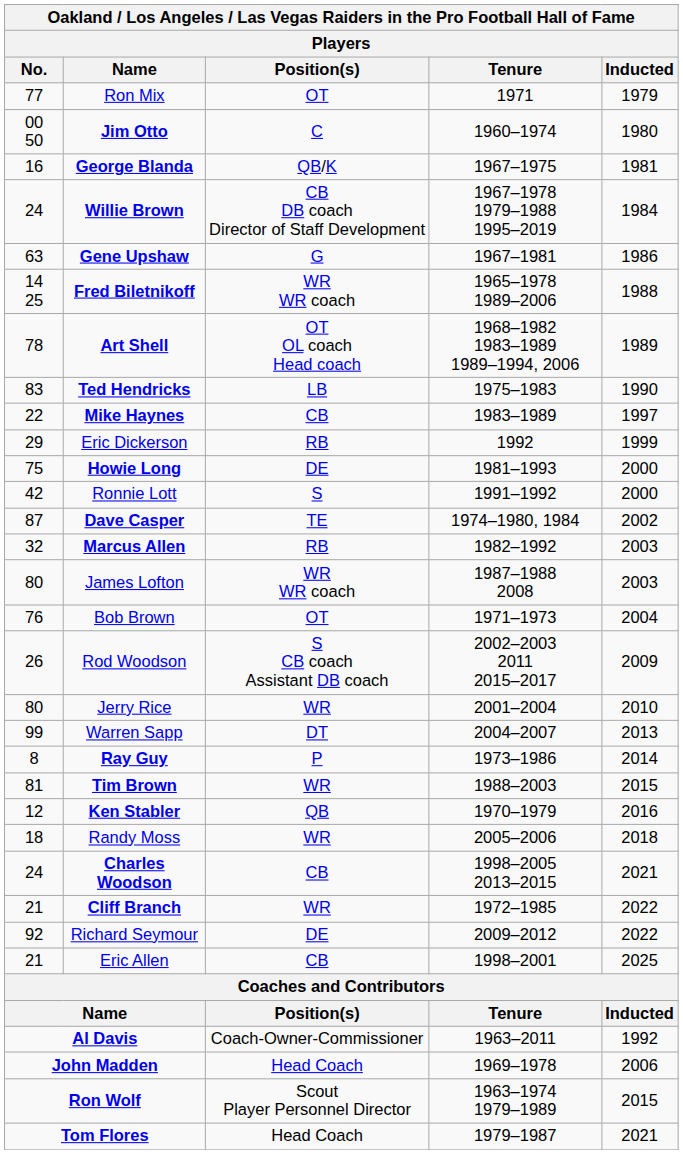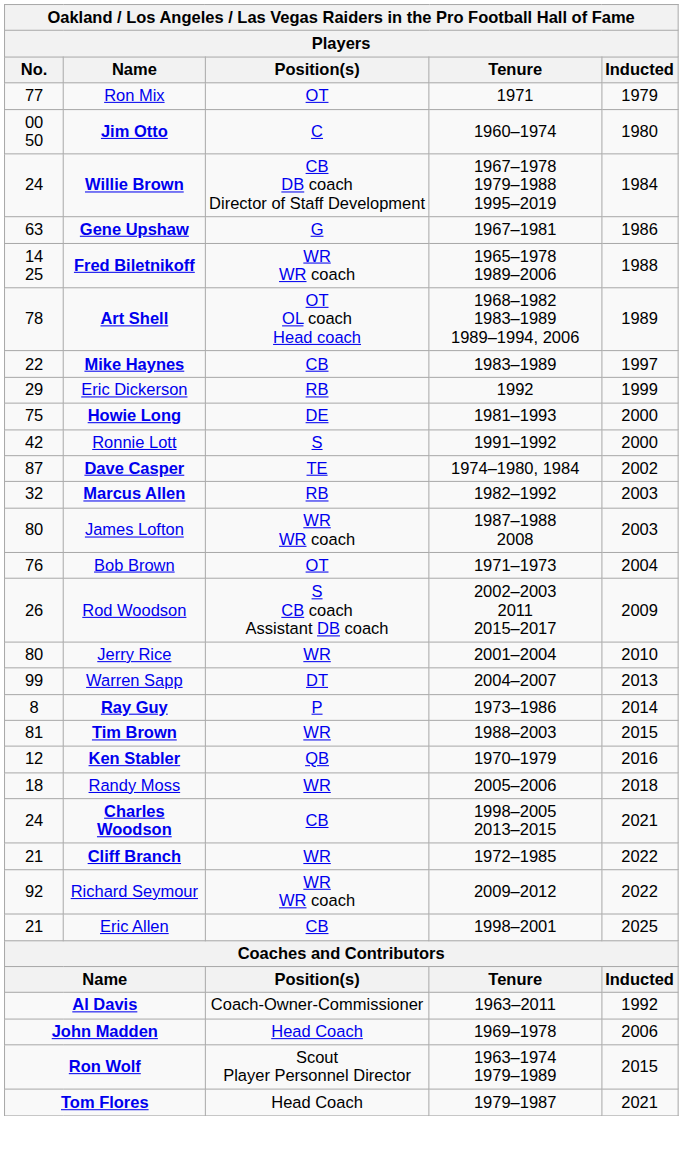 <table class="wikitable sortable" style="text-align:center">
 <tr>
 <th colspan="5">Oakland / Los Angeles / Las Vegas Raiders in the Pro Football Hall of Fame</th>
 </tr>
 <tr>
 <th colspan="5">Players</th>
 </tr>
 <tr>
 <th style="width:50px;">No.</th>
 <th style="width:130px;">Name</th>
 <th style="width:210px;">Position(s)</th>
 <th style="width:160px;">Tenure</th>
 <th style="width:50px;">Inducted</th>
 </tr>
 <tr>
 <td>77</td>
 <td><a href='#'>Ron Mix</a></td>
 <td><a href='#'>OT</a></td>
 <td>1971</td>
 <td>1979</td>
 </tr>
 <tr>
 <td>00<br>50</td>
 <td><strong><a href='#'>Jim Otto</a></strong></td>
 <td><a href='#'>C</a></td>
 <td>1960–1974</td>
 <td>1980</td>
 </tr>
 <tr>
-<td>16</td>
-<td><strong><a href='#'>George Blanda</a></strong></td>
-<td><a href='#'>QB</a>/<a href='#'>K</a></td>
-<td>1967–1975</td>
-<td>1981</td>
-</tr>
-<tr>
 <td>24</td>
 <td><strong><a href='#'>Willie Brown</a></strong></td>
 <td><a href='#'>CB</a><br><a href='#'>DB</a> coach<br>Director of Staff Development</td>
 <td>1967–1978<br>1979–1988<br>1995–2019</td>
 <td>1984</td>
 </tr>
 <tr>
 <td>63</td>
 <td><strong><a href='#'>Gene Upshaw</a></strong></td>
 <td><a href='#'>G</a></td>
 <td>1967–1981</td>
 <td>1986</td>
 </tr>
 <tr>
 <td>14<br>25</td>
 <td><strong><a href='#'>Fred Biletnikoff</a></strong></td>
 <td><a href='#'>WR</a><br><a href='#'>WR</a> coach</td>
 <td>1965–1978<br>1989–2006</td>
 <td>1988</td>
 </tr>
 <tr>
 <td>78</td>
 <td><strong><a href='#'>Art Shell</a></strong></td>
 <td><a href='#'>OT</a> <br> <a href='#'>OL</a> coach<br><a href='#'>Head coach</a></td>
 <td>1968–1982<br>1983–1989<br>1989–1994, 2006</td>
 <td>1989</td>
-</tr>
-<tr>
-<td>83</td>
-<td><strong><a href='#'>Ted Hendricks</a></strong></td>
-<td><a href='#'>LB</a></td>
-<td>1975–1983</td>
-<td>1990</td>
 </tr>
 <tr>
 <td>22</td>
 <td><strong><a href='#'>Mike Haynes</a></strong></td>
 <td><a href='#'>CB</a></td>
 <td>1983–1989</td>
 <td>1997</td>
 </tr>
 <tr>
 <td>29</td>
 <td><a href='#'>Eric Dickerson</a></td>
 <td><a href='#'>RB</a></td>
 <td>1992</td>
 <td>1999</td>
 </tr>
 <tr>
 <td>75</td>
 <td><strong><a href='#'>Howie Long</a></strong></td>
 <td><a href='#'>DE</a></td>
 <td>1981–1993</td>
 <td>2000</td>
 </tr>
 <tr>
 <td>42</td>
 <td><a href='#'>Ronnie Lott</a></td>
 <td><a href='#'>S</a></td>
 <td>1991–1992</td>
 <td>2000</td>
 </tr>
 <tr>
 <td>87</td>
 <td><strong><a href='#'>Dave Casper</a></strong></td>
 <td><a href='#'>TE</a></td>
 <td>1974–1980, 1984</td>
 <td>2002</td>
 </tr>
 <tr>
 <td>32</td>
 <td><strong><a href='#'>Marcus Allen</a></strong></td>
 <td><a href='#'>RB</a></td>
 <td>1982–1992</td>
 <td>2003</td>
 </tr>
 <tr>
 <td>80</td>
 <td><a href='#'>James Lofton</a></td>
 <td><a href='#'>WR</a><br><a href='#'>WR</a> coach</td>
 <td>1987–1988<br>2008</td>
 <td>2003</td>
 </tr>
 <tr>
 <td>76</td>
 <td><a href='#'>Bob Brown</a></td>
 <td><a href='#'>OT</a></td>
 <td>1971–1973</td>
 <td>2004</td>
 </tr>
 <tr>
 <td>26</td>
 <td><a href='#'>Rod Woodson</a></td>
 <td><a href='#'>S</a><br><a href='#'>CB</a> coach<br>Assistant <a href='#'>DB</a> coach</td>
 <td>2002–2003<br>2011<br>2015–2017</td>
 <td>2009</td>
 </tr>
 <tr>
 <td>80</td>
 <td><a href='#'>Jerry Rice</a></td>
 <td><a href='#'>WR</a></td>
 <td>2001–2004</td>
 <td>2010</td>
 </tr>
 <tr>
 <td>99</td>
 <td><a href='#'>Warren Sapp</a></td>
 <td><a href='#'>DT</a></td>
 <td>2004–2007</td>
 <td>2013</td>
 </tr>
 <tr>
 <td>8</td>
 <td><strong><a href='#'>Ray Guy</a></strong></td>
 <td><a href='#'>P</a></td>
 <td>1973–1986</td>
 <td>2014</td>
 </tr>
 <tr>
 <td>81</td>
 <td><strong><a href='#'>Tim Brown</a></strong></td>
 <td><a href='#'>WR</a></td>
 <td>1988–2003</td>
 <td>2015</td>
 </tr>
 <tr>
 <td>12</td>
 <td><strong><a href='#'>Ken Stabler</a></strong></td>
 <td><a href='#'>QB</a></td>
 <td>1970–1979</td>
 <td>2016</td>
 </tr>
 <tr>
 <td>18</td>
 <td><a href='#'>Randy Moss</a></td>
 <td><a href='#'>WR</a></td>
 <td>2005–2006</td>
 <td>2018</td>
 </tr>
 <tr>
 <td>24</td>
 <td><strong><a href='#'>Charles Woodson</a></strong></td>
 <td><a href='#'>CB</a></td>
 <td>1998–2005<br>2013–2015</td>
 <td>2021</td>
 </tr>
 <tr>
 <td>21</td>
 <td><strong><a href='#'>Cliff Branch</a></strong></td>
 <td><a href='#'>WR</a></td>
 <td>1972–1985</td>
 <td>2022</td>
 </tr>
 <tr>
 <td>92</td>
 <td><a href='#'>Richard Seymour</a></td>
-<td><a href='#'>DE</a></td>
+<td><a href='#'>WR</a><br><a href='#'>WR</a> coach</td>
 <td>2009–2012</td>
 <td>2022</td>
 </tr>
 <tr>
 <td>21</td>
 <td><a href='#'>Eric Allen</a></td>
 <td><a href='#'>CB</a></td>
 <td>1998–2001</td>
 <td>2025</td>
 </tr>
 <tr>
 <th colspan="5">Coaches and Contributors</th>
 </tr>
 <tr>
 <th style="width:130px;" colspan=2>Name</th>
 <th style="width:210px;">Position(s)</th>
 <th style="width:160px;">Tenure</th>
 <th style="width:50px;">Inducted</th>
 </tr>
 <tr>
 <td colspan=2><strong><a href='#'>Al Davis</a></strong></td>
 <td>Coach-Owner-Commissioner</td>
 <td>1963–2011</td>
 <td>1992</td>
 </tr>
 <tr>
 <td colspan=2><strong><a href='#'>John Madden</a></strong></td>
 <td><a href='#'>Head Coach</a></td>
 <td>1969–1978</td>
 <td>2006</td>
 </tr>
 <tr>
 <td colspan=2><strong><a href='#'>Ron Wolf</a></strong></td>
 <td>Scout<br>Player Personnel Director</td>
 <td>1963–1974<br>1979–1989</td>
 <td>2015</td>
 </tr>
 <tr>
 <td colspan=2><strong><a href='#'>Tom Flores</a></strong></td>
 <td>Head Coach</td>
 <td>1979–1987</td>
 <td>2021</td>
 </tr>
 </table>
